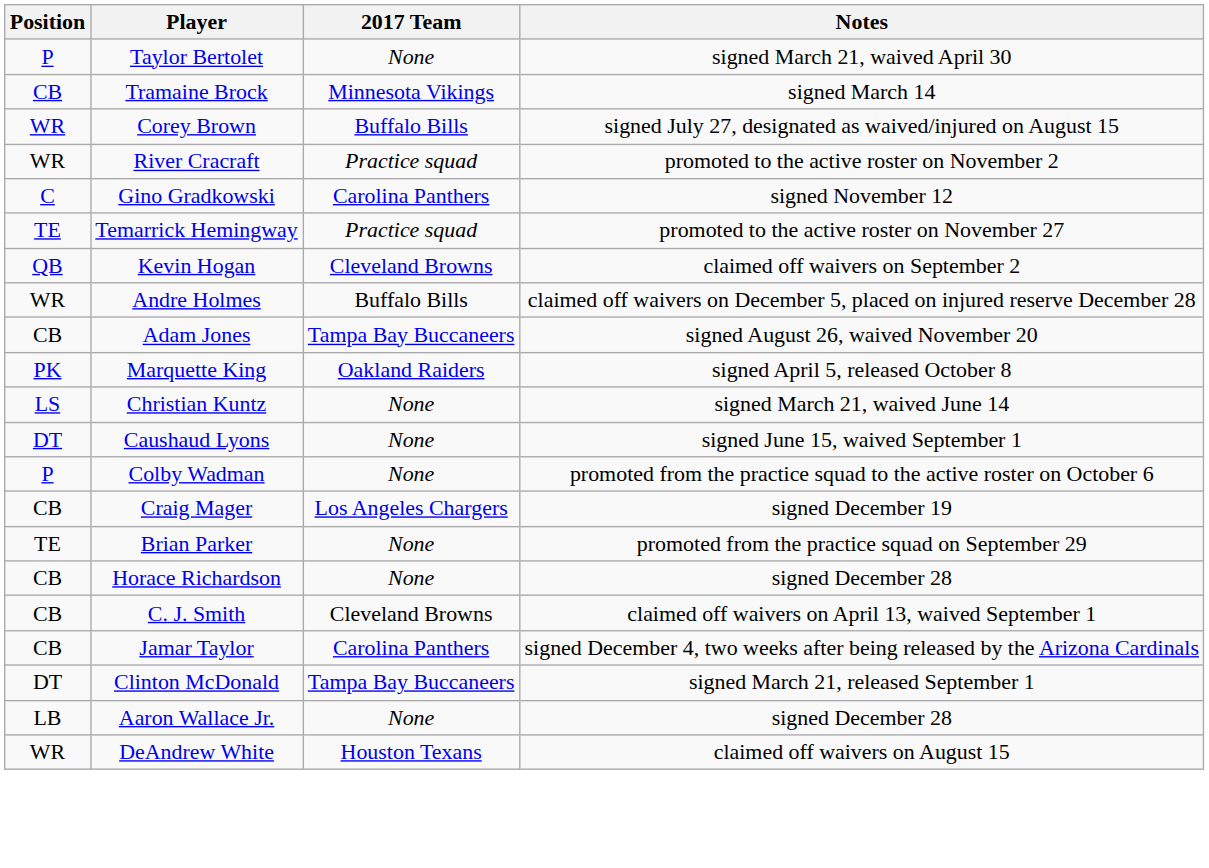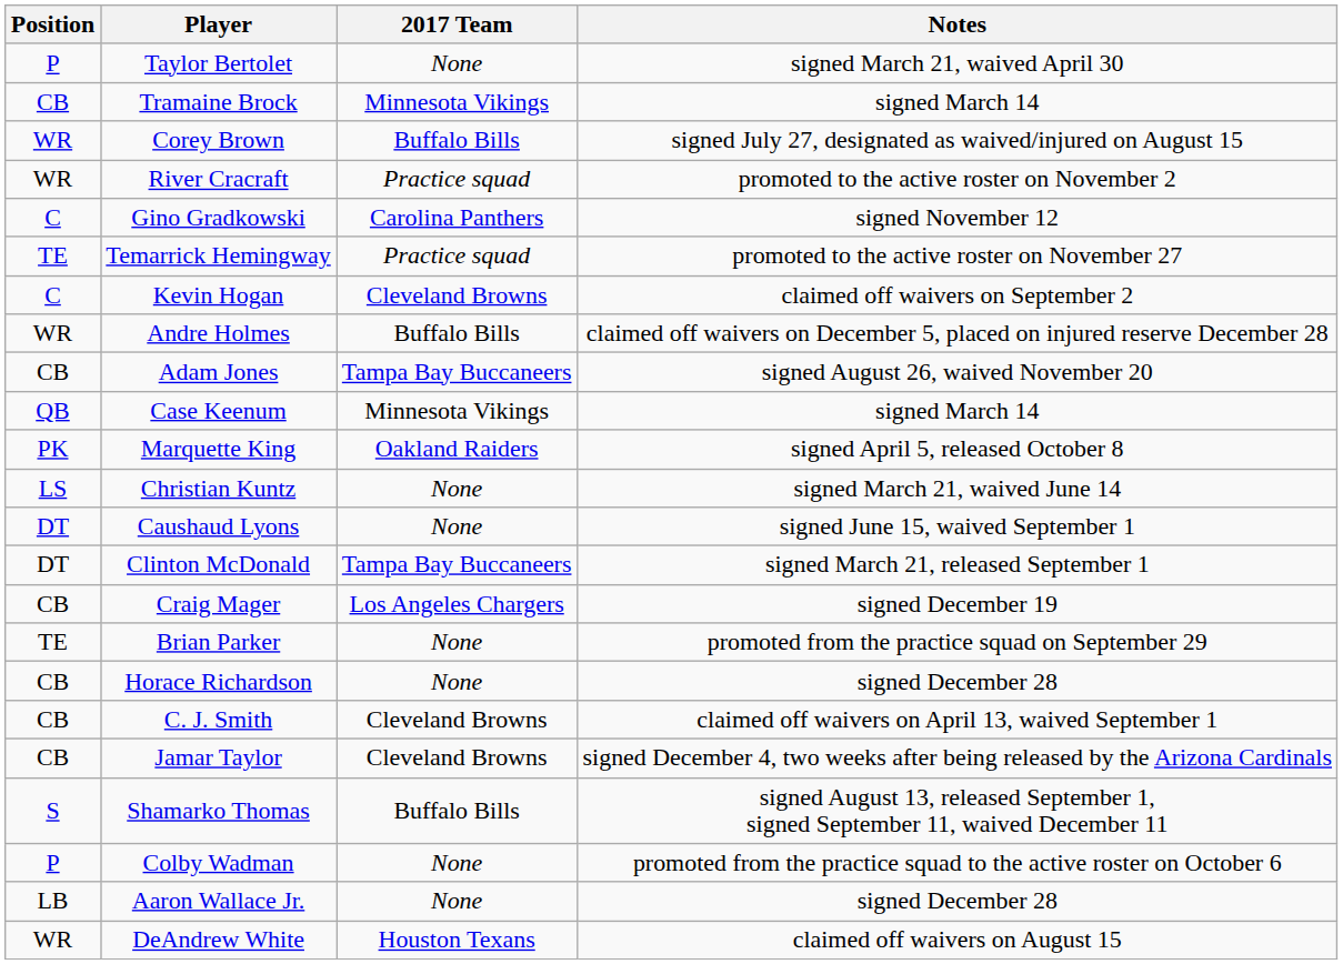 <table class="wikitable" style="text-align:center">
 <tr>
 <th>Position</th>
 <th>Player</th>
 <th>2017 Team</th>
 <th>Notes</th>
 </tr>
 <tr>
 <td><a href='#'>P</a></td>
 <td><a href='#'>Taylor Bertolet</a></td>
 <td><em>None</em></td>
 <td>signed March 21, waived April 30</td>
 </tr>
 <tr>
 <td><a href='#'>CB</a></td>
 <td><a href='#'>Tramaine Brock</a></td>
 <td><a href='#'>Minnesota Vikings</a></td>
 <td>signed March 14</td>
 </tr>
 <tr>
 <td><a href='#'>WR</a></td>
 <td><a href='#'>Corey Brown</a></td>
 <td><a href='#'>Buffalo Bills</a></td>
 <td>signed July 27, designated as waived/injured on August 15</td>
 </tr>
 <tr>
 <td>WR</td>
 <td><a href='#'>River Cracraft</a></td>
 <td><em>Practice squad</em></td>
 <td>promoted to the active roster on November 2</td>
 </tr>
 <tr>
 <td><a href='#'>C</a></td>
 <td><a href='#'>Gino Gradkowski</a></td>
 <td><a href='#'>Carolina Panthers</a></td>
 <td>signed November 12</td>
 </tr>
 <tr>
 <td><a href='#'>TE</a></td>
 <td><a href='#'>Temarrick Hemingway</a></td>
 <td><em>Practice squad</em></td>
 <td>promoted to the active roster on November 27</td>
 </tr>
 <tr>
-<td><a href='#'>QB</a></td>
+<td><a href='#'>C</a></td>
 <td><a href='#'>Kevin Hogan</a></td>
 <td><a href='#'>Cleveland Browns</a></td>
 <td>claimed off waivers on September 2</td>
 </tr>
 <tr>
 <td>WR</td>
 <td><a href='#'>Andre Holmes</a></td>
 <td>Buffalo Bills</td>
 <td>claimed off waivers on December 5, placed on injured reserve December 28</td>
 </tr>
 <tr>
 <td>CB</td>
 <td><a href='#'>Adam Jones</a></td>
 <td><a href='#'>Tampa Bay Buccaneers</a></td>
 <td>signed August 26, waived November 20</td>
+</tr>
+<tr>
+<td><a href='#'>QB</a></td>
+<td><a href='#'>Case Keenum</a></td>
+<td>Minnesota Vikings</td>
+<td>signed March 14</td>
 </tr>
 <tr>
 <td><a href='#'>PK</a></td>
 <td><a href='#'>Marquette King</a></td>
 <td><a href='#'>Oakland Raiders</a></td>
 <td>signed April 5, released October 8</td>
 </tr>
 <tr>
 <td><a href='#'>LS</a></td>
 <td><a href='#'>Christian Kuntz</a></td>
 <td><em>None</em></td>
 <td>signed March 21, waived June 14</td>
 </tr>
 <tr>
 <td><a href='#'>DT</a></td>
 <td><a href='#'>Caushaud Lyons</a></td>
 <td><em>None</em></td>
 <td>signed June 15, waived September 1</td>
 </tr>
 <tr>
-<td><a href='#'>P</a></td>
-<td><a href='#'>Colby Wadman</a></td>
-<td><em>None</em></td>
-<td>promoted from the practice squad to the active roster on October 6</td>
+<td>DT</td>
+<td><a href='#'>Clinton McDonald</a></td>
+<td><a href='#'>Tampa Bay Buccaneers</a></td>
+<td>signed March 21, released September 1</td>
 </tr>
 <tr>
 <td>CB</td>
 <td><a href='#'>Craig Mager</a></td>
 <td><a href='#'>Los Angeles Chargers</a></td>
 <td>signed December 19</td>
 </tr>
 <tr>
 <td>TE</td>
 <td><a href='#'>Brian Parker</a></td>
 <td><em>None</em></td>
 <td>promoted from the practice squad on September 29</td>
 </tr>
 <tr>
 <td>CB</td>
 <td><a href='#'>Horace Richardson</a></td>
 <td><em>None</em></td>
 <td>signed December 28</td>
 </tr>
 <tr>
 <td>CB</td>
 <td><a href='#'>C. J. Smith</a></td>
 <td>Cleveland Browns</td>
 <td>claimed off waivers on April 13, waived September 1</td>
 </tr>
 <tr>
 <td>CB</td>
 <td><a href='#'>Jamar Taylor</a></td>
-<td><a href='#'>Carolina Panthers</a></td>
+<td>Cleveland Browns</td>
 <td>signed December 4, two weeks after being released by the <a href='#'>Arizona Cardinals</a></td>
 </tr>
 <tr>
-<td>DT</td>
-<td><a href='#'>Clinton McDonald</a></td>
-<td><a href='#'>Tampa Bay Buccaneers</a></td>
-<td>signed March 21, released September 1</td>
+<td><a href='#'>S</a></td>
+<td><a href='#'>Shamarko Thomas</a></td>
+<td>Buffalo Bills </td>
+<td>signed August 13, released September 1,<br>signed September 11, waived December 11</td>
+</tr>
+<tr>
+<td><a href='#'>P</a></td>
+<td><a href='#'>Colby Wadman</a></td>
+<td><em>None</em></td>
+<td>promoted from the practice squad to the active roster on October 6</td>
 </tr>
 <tr>
 <td>LB</td>
 <td><a href='#'>Aaron Wallace Jr.</a></td>
 <td><em>None</em></td>
 <td>signed December 28</td>
 </tr>
 <tr>
 <td>WR</td>
 <td><a href='#'>DeAndrew White</a></td>
 <td><a href='#'>Houston Texans</a></td>
 <td>claimed off waivers on August 15</td>
 </tr>
 </table>
